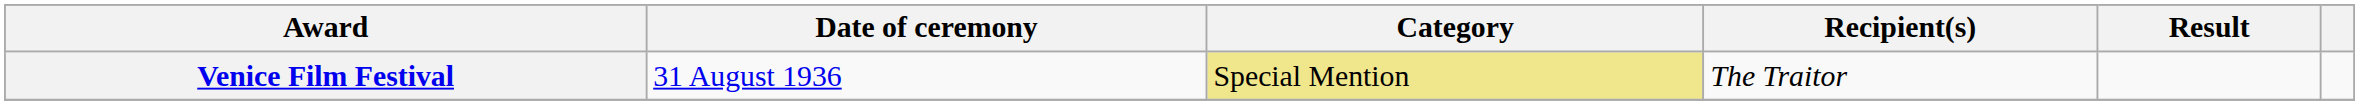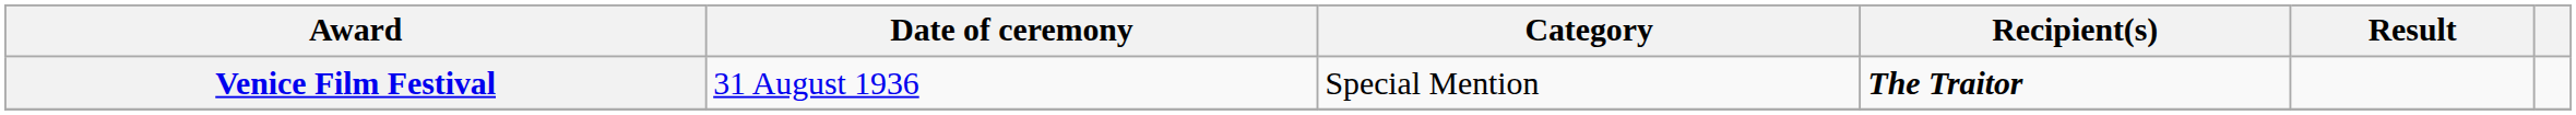 <table class="wikitable sortable plainrowheaders" style="width: 100%;">
 <tr>
 <th scope="col">Award</th>
 <th scope="col">Date of ceremony</th>
 <th scope="col">Category</th>
 <th scope="col">Recipient(s)</th>
 <th scope="col">Result</th>
 <th scope="col" class="unsortable"></th>
 </tr>
 <tr>
 <th><a href='#'>Venice Film Festival</a></th>
 <td><a href='#'>31 August 1936</a></td>
-<td style="background: khaki;">Special Mention</td>
-<td><em>The Traitor</em></td>
+<td>Special Mention</td>
+<td><strong><em>The Traitor</em></strong></td>
 <td></td>
 <td></td>
 </tr>
 <tr>
 </tr>
 </table>
